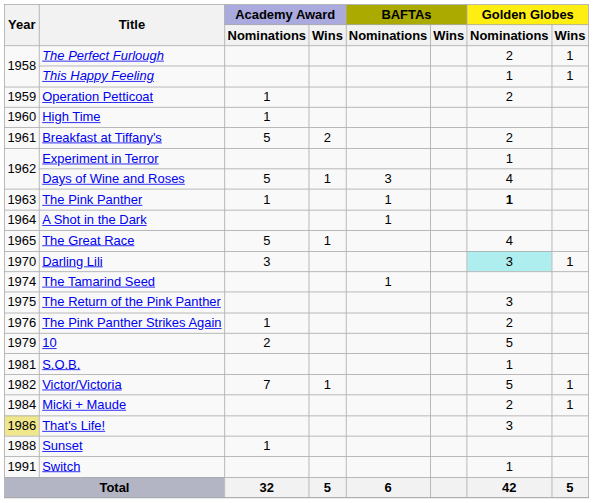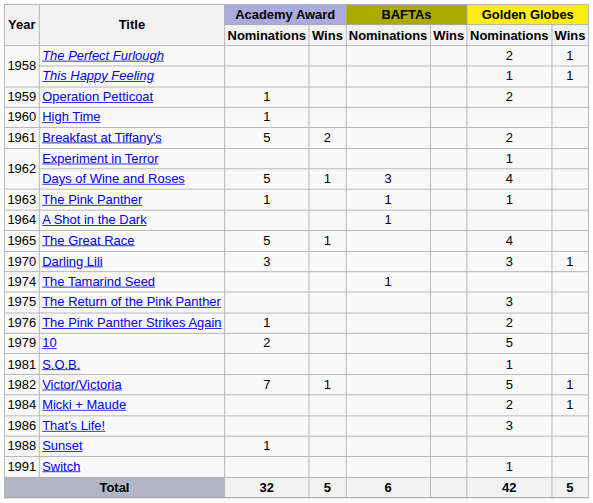 <table class="wikitable">
 <tr>
 <th rowspan="2">Year</th>
 <th rowspan="2">Title</th>
 <th colspan="2" style="background-color:#AAAADE;">Academy Award</th>
 <th colspan="2" style="background-color:#AA0;">BAFTAs</th>
 <th colspan="2" style="background-color:#FE1;">Golden Globes</th>
 </tr>
 <tr>
 <th>Nominations</th>
 <th>Wins</th>
 <th>Nominations</th>
 <th>Wins</th>
 <th>Nominations</th>
 <th>Wins</th>
 </tr>
 <tr>
 <td rowspan="2">1958</td>
 <td><em><a href='#'>The Perfect Furlough</a></em></td>
 <td></td>
 <td></td>
 <td></td>
 <td></td>
 <td align=center>2</td>
 <td align=center>1</td>
 </tr>
 <tr>
 <td><em><a href='#'>This Happy Feeling</a></td>
 <td></td>
 <td></td>
 <td></td>
 <td></td>
 <td align=center>1</td>
 <td align=center>1</td>
 </tr>
 <tr>
 <td>1959</td>
 <td></em><a href='#'>Operation Petticoat</a><em></td>
 <td align=center>1</td>
 <td></td>
 <td></td>
 <td></td>
 <td align=center>2</td>
 <td></td>
 </tr>
 <tr>
 <td>1960</td>
 <td><a href='#'></em>High Time<em></a></td>
 <td align=center>1</td>
 <td></td>
 <td></td>
 <td></td>
 <td></td>
 <td></td>
 </tr>
 <tr>
 <td>1961</td>
 <td><a href='#'></em>Breakfast at Tiffany's<em></a></td>
 <td align=center>5</td>
 <td align=center>2</td>
 <td></td>
 <td></td>
 <td align=center>2</td>
 <td></td>
 </tr>
 <tr>
 <td rowspan="2">1962</td>
 <td></em><a href='#'>Experiment in Terror</a><em></td>
 <td></td>
 <td></td>
 <td></td>
 <td></td>
 <td align=center>1</td>
 <td></td>
 </tr>
 <tr>
 <td><a href='#'></em>Days of Wine and Roses<em></a></td>
 <td align=center>5</td>
 <td align=center>1</td>
 <td align=center>3</td>
 <td></td>
 <td align=center>4</td>
 <td></td>
 </tr>
 <tr>
 <td>1963</td>
 <td><a href='#'></em>The Pink Panther<em></a></td>
 <td align=center>1</td>
 <td></td>
 <td align=center>1</td>
 <td></td>
-<td align=center><strong>1</strong></td>
+<td align=center>1</td>
 <td></td>
 </tr>
 <tr>
 <td>1964</td>
 <td><a href='#'></em>A Shot in the Dark<em></a></td>
 <td></td>
 <td></td>
 <td align=center>1</td>
 <td></td>
 <td></td>
 <td></td>
 </tr>
 <tr>
 <td>1965</td>
 <td></em><a href='#'>The Great Race</a><em></td>
 <td align=center>5</td>
 <td align=center>1</td>
 <td></td>
 <td></td>
 <td align=center>4</td>
 <td></td>
 </tr>
 <tr>
 <td>1970</td>
 <td></em><a href='#'>Darling Lili</a><em></td>
 <td align=center>3</td>
 <td></td>
 <td></td>
 <td></td>
-<td align=center style="background: paleturquoise;">3</td>
+<td align=center>3</td>
 <td align=center>1</td>
 </tr>
 <tr>
 <td>1974</td>
 <td></em><a href='#'>The Tamarind Seed</a><em></td>
 <td></td>
 <td></td>
 <td align=center>1</td>
 <td></td>
 <td></td>
 <td></td>
 </tr>
 <tr>
 <td>1975</td>
 <td></em><a href='#'>The Return of the Pink Panther</a><em></td>
 <td></td>
 <td></td>
 <td></td>
 <td></td>
 <td align=center>3</td>
 <td></td>
 </tr>
 <tr>
 <td>1976</td>
 <td></em><a href='#'>The Pink Panther Strikes Again</a><em></td>
 <td align=center>1</td>
 <td></td>
 <td></td>
 <td></td>
 <td align=center>2</td>
 <td></td>
 </tr>
 <tr>
 <td>1979</td>
 <td><a href='#'></em>10<em></a></td>
 <td align=center>2</td>
 <td></td>
 <td></td>
 <td></td>
 <td align=center>5</td>
 <td></td>
 </tr>
 <tr>
 <td>1981</td>
 <td><a href='#'></em>S.O.B.<em></a></td>
 <td></td>
 <td></td>
 <td></td>
 <td></td>
 <td align=center>1</td>
 <td></td>
 </tr>
 <tr>
 <td>1982</td>
 <td></em><a href='#'>Victor/Victoria</a><em></td>
 <td align=center>7</td>
 <td align=center>1</td>
 <td></td>
 <td></td>
 <td align=center>5</td>
 <td align=center>1</td>
 </tr>
 <tr>
 <td>1984</td>
 <td></em><a href='#'>Micki + Maude</a><em></td>
 <td></td>
 <td></td>
 <td></td>
 <td></td>
 <td align=center>2</td>
 <td align=center>1</td>
 </tr>
 <tr>
-<td style="background: khaki;">1986</td>
+<td>1986</td>
 <td><a href='#'></em>That's Life!<em></a></td>
 <td></td>
 <td></td>
 <td></td>
 <td></td>
 <td align=center>3</td>
 <td></td>
 </tr>
 <tr>
 <td>1988</td>
 <td><a href='#'></em>Sunset<em></a></td>
 <td align=center>1</td>
 <td></td>
 <td></td>
 <td></td>
 <td></td>
 <td></td>
 </tr>
 <tr>
 <td>1991</td>
 <td><a href='#'></em>Switch<em></a></td>
 <td></td>
 <td></td>
 <td></td>
 <td></td>
 <td align=center>1</td>
 <td></td>
 </tr>
 <tr>
 <th colspan="2" style="background-color:#B3B5C5;">Total</th>
 <th>32</th>
 <th>5</th>
 <th>6</th>
 <th></th>
 <th>42</th>
 <th>5</th>
 </tr>
 <tr>
 </tr>
 </table>
